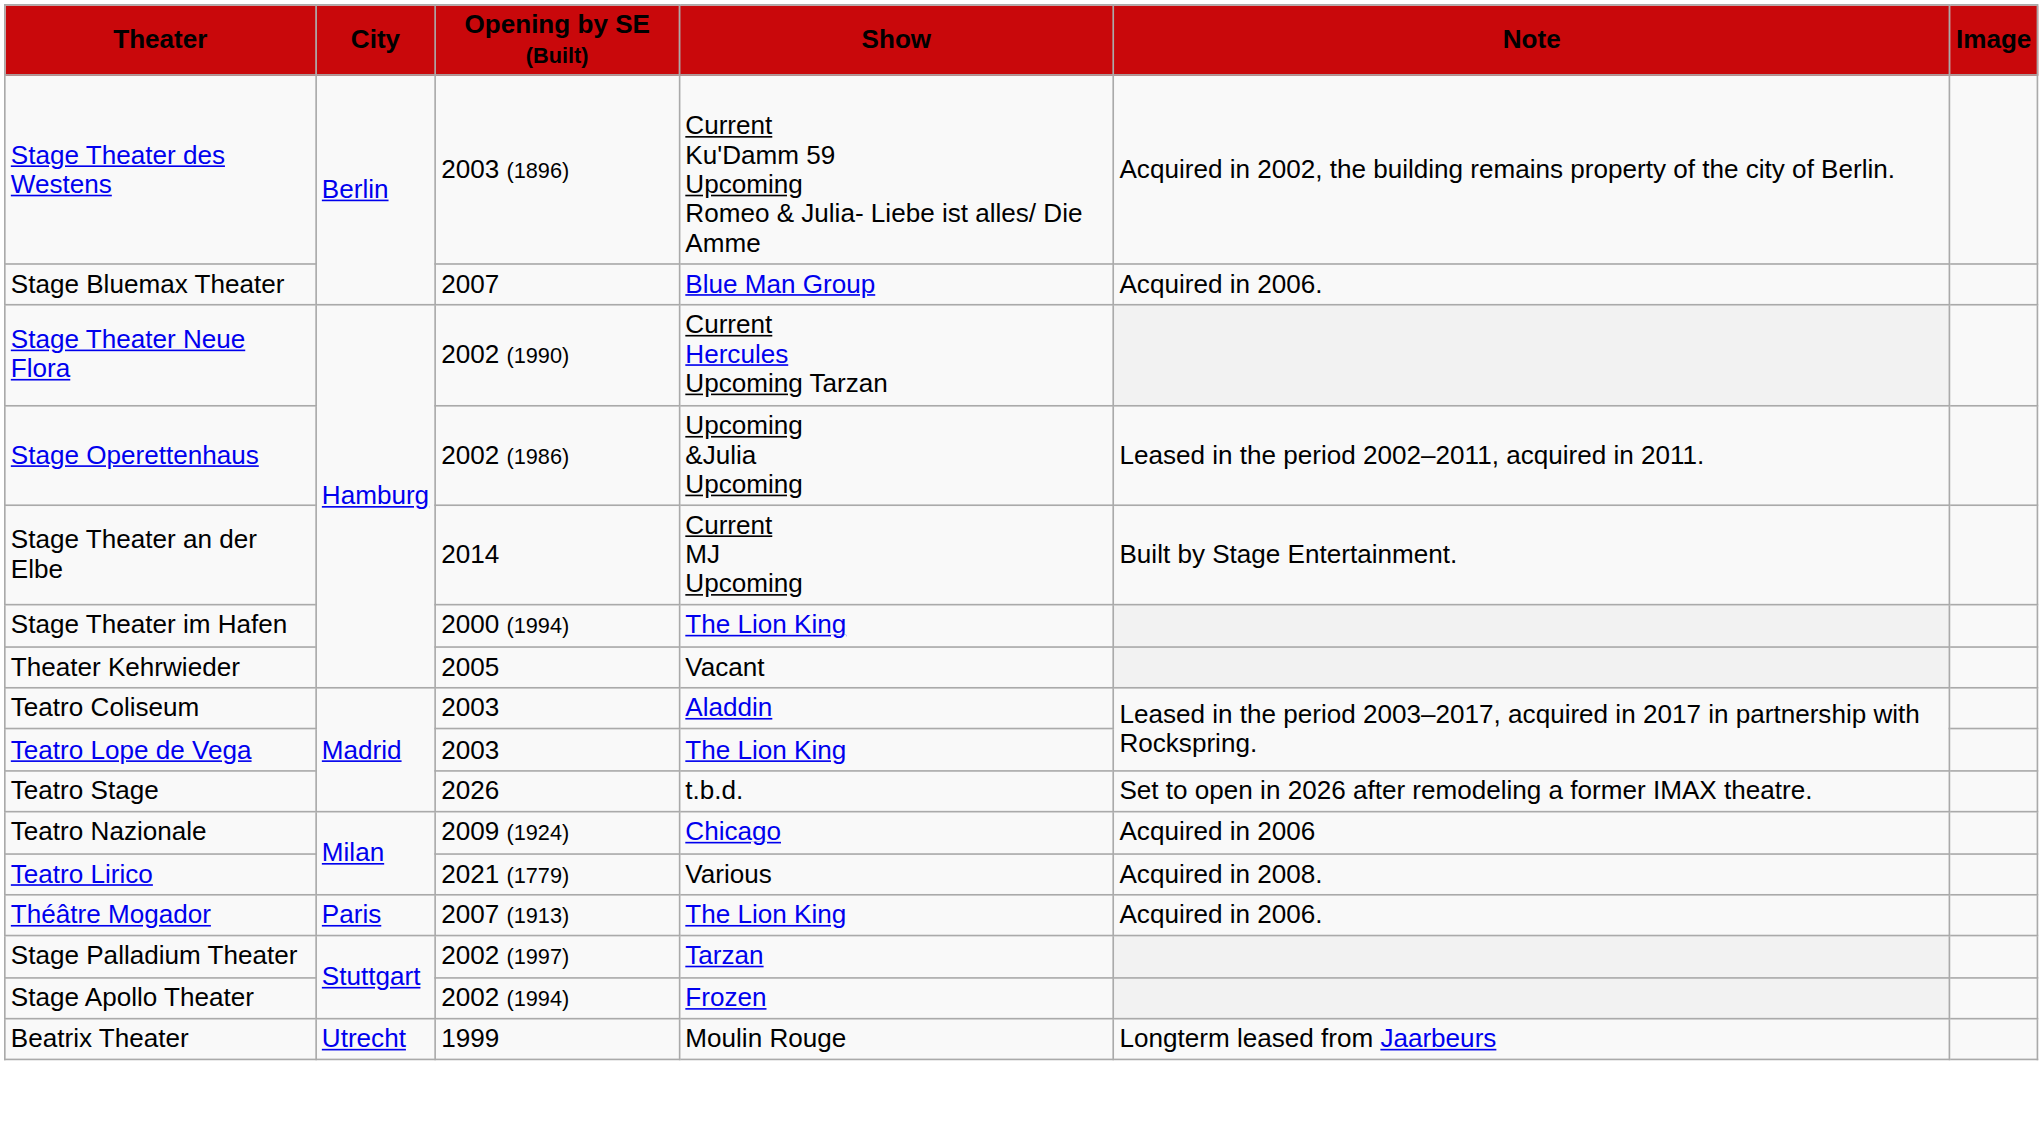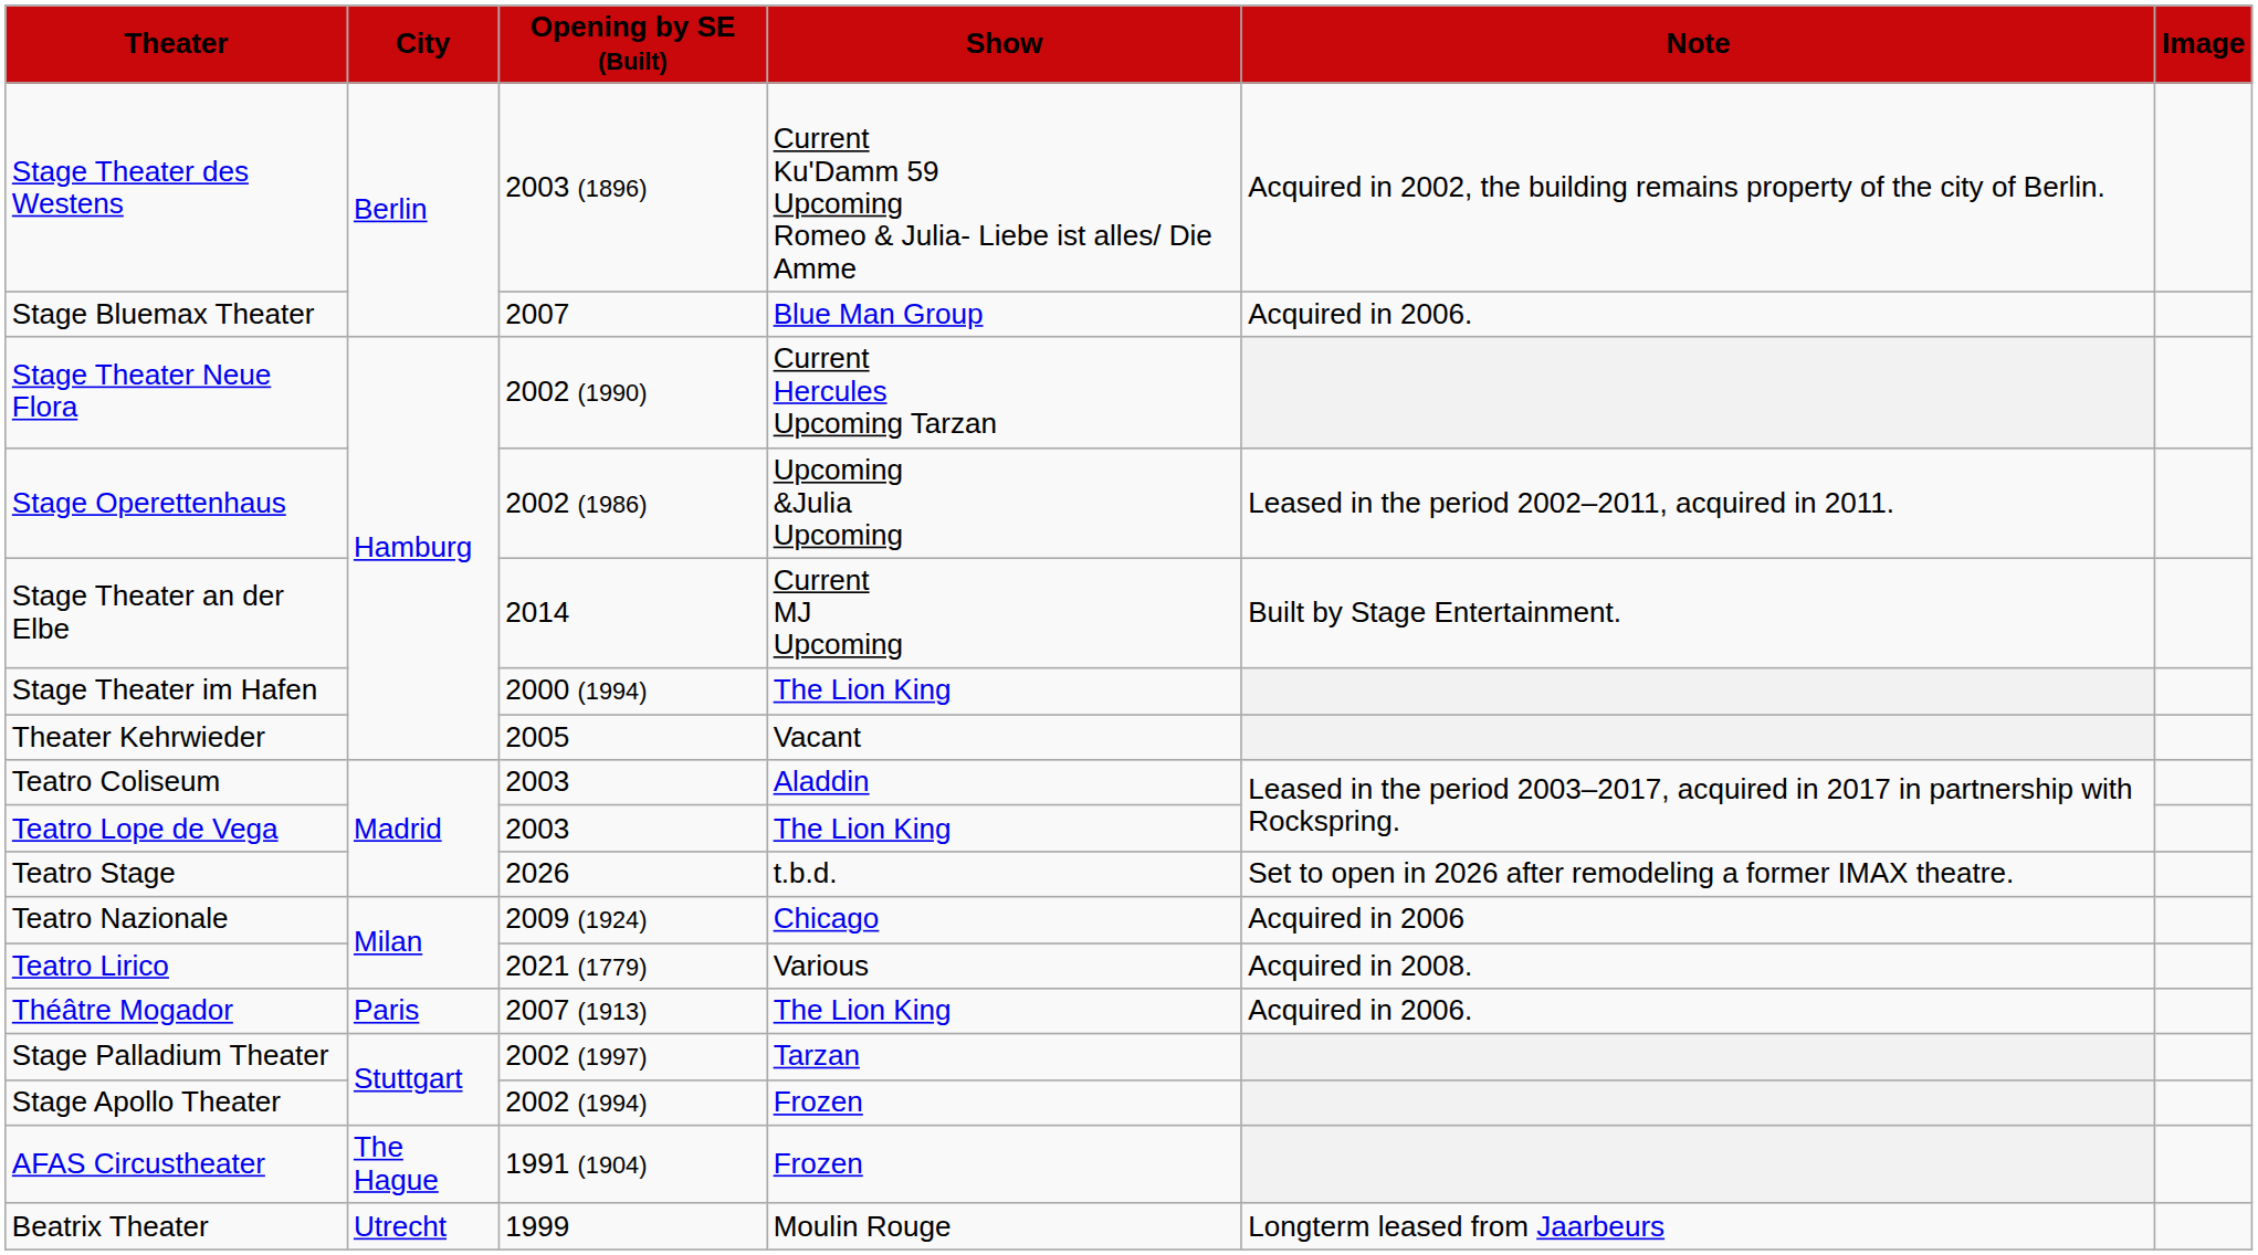 <table class="wikitable sortable mw-collapsible mw-collapsed">
 <tr>
 <th style="background:#C9080B">Theater</th>
 <th style="background:#C9080B">City</th>
 <th style="background:#C9080B">Opening by SE <small>(Built)</small></th>
 <th style="background:#C9080B">Show</th>
 <th style="background:#C9080B">Note</th>
 <th style="background:#C9080B">Image</th>
 </tr>
 <tr>
 <td><a href='#'>Stage Theater des Westens</a></td>
 <td rowspan="2"><a href='#'>Berlin</a></td>
 <td>2003 <small>(1896)</small></td>
 <td><br><u>Current</u><br>Ku'Damm 59<br><u>Upcoming<br></u>Romeo & Julia- Liebe ist alles/ Die Amme</td>
 <td>Acquired in 2002, the building remains property of the city of Berlin.</td>
 <td></td>
 </tr>
 <tr>
 <td>Stage Bluemax Theater</td>
 <td>2007</td>
 <td><a href='#'>Blue Man Group</a></td>
 <td>Acquired in 2006.</td>
 <td></td>
 </tr>
 <tr>
 <td><a href='#'>Stage Theater Neue Flora</a></td>
 <td rowspan="5"><a href='#'>Hamburg</a></td>
 <td>2002 <small>(1990)</small></td>
 <td><u>Current<br></u><a href='#'>Hercules</a><br><u>Upcoming</u> Tarzan</td>
 <th></th>
 <td></td>
 </tr>
 <tr>
 <td><a href='#'>Stage Operettenhaus</a></td>
 <td>2002 <small>(1986)</small></td>
 <td><u>Upcoming<br></u>&Julia<br><u>Upcoming</u><br></td>
 <td>Leased in the period 2002–2011, acquired in 2011.</td>
 <td></td>
 </tr>
 <tr>
 <td>Stage Theater an der Elbe</td>
 <td>2014</td>
 <td><u>Current</u><br>MJ<br><u>Upcoming</u></td>
 <td>Built by Stage Entertainment.</td>
 <td></td>
 </tr>
 <tr>
 <td>Stage Theater im Hafen</td>
 <td>2000 <small>(1994)</small></td>
 <td><a href='#'>The Lion King</a></td>
 <th></th>
 <td></td>
 </tr>
 <tr>
 <td>Theater Kehrwieder</td>
 <td>2005</td>
 <td>Vacant</td>
 <th></th>
 <td></td>
 </tr>
 <tr>
 <td>Teatro Coliseum</td>
 <td rowspan="3"><a href='#'>Madrid</a></td>
 <td>2003</td>
 <td><a href='#'>Aladdin</a></td>
 <td rowspan="2">Leased in the period 2003–2017, acquired in 2017 in partnership with Rockspring.</td>
 <td></td>
 </tr>
 <tr>
 <td><a href='#'>Teatro Lope de Vega</a></td>
 <td>2003</td>
 <td><a href='#'>The Lion King</a></td>
 <td></td>
 </tr>
 <tr>
 <td>Teatro Stage</td>
 <td>2026</td>
 <td>t.b.d.</td>
 <td>Set to open in 2026 after remodeling a former IMAX theatre.</td>
 <td></td>
 </tr>
 <tr>
 <td>Teatro Nazionale</td>
 <td rowspan="2"><a href='#'>Milan</a></td>
 <td>2009 <small>(1924)</small></td>
 <td><a href='#'>Chicago</a></td>
 <td>Acquired in 2006</td>
 <td></td>
 </tr>
 <tr>
 <td><a href='#'>Teatro Lirico</a></td>
 <td>2021 <small>(1779)</small></td>
 <td>Various</td>
 <td>Acquired in 2008.</td>
 <td></td>
 </tr>
 <tr>
 <td><a href='#'>Théâtre Mogador</a></td>
 <td><a href='#'>Paris</a></td>
 <td>2007 <small>(1913)</small></td>
 <td><a href='#'>The Lion King</a></td>
 <td>Acquired in 2006.</td>
 <td></td>
 </tr>
 <tr>
 <td>Stage Palladium Theater</td>
 <td rowspan="2"><a href='#'>Stuttgart</a></td>
 <td>2002 <small>(1997)</small></td>
 <td><a href='#'>Tarzan</a></td>
 <th></th>
 <td></td>
 </tr>
 <tr>
 <td>Stage Apollo Theater</td>
 <td>2002 <small>(1994)</small></td>
 <td><a href='#'>Frozen</a></td>
 <th></th>
 <td></td>
 </tr>
 <tr>
+<td><a href='#'>AFAS Circustheater</a></td>
+<td><a href='#'>The Hague</a></td>
+<td>1991 <small>(1904)</small></td>
+<td><a href='#'>Frozen</a></td>
+<th></th>
+<td></td>
+</tr>
+<tr>
 <td>Beatrix Theater</td>
 <td><a href='#'>Utrecht</a></td>
 <td>1999</td>
 <td>Moulin Rouge</td>
 <td>Longterm leased from <a href='#'>Jaarbeurs</a></td>
 <td></td>
 </tr>
 </table>
